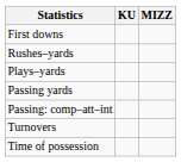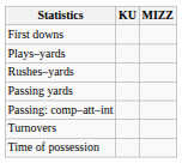 <table class="wikitable" style="float:left">
 <tr>
 <th>Statistics</th>
 <th>KU</th>
 <th>MIZZ</th>
 </tr>
 <tr>
 <td>First downs</td>
 <td></td>
 <td></td>
 </tr>
 <tr>
-<td>Rushes–yards</td>
+<td>Plays–yards</td>
 <td></td>
 <td></td>
 </tr>
 <tr>
-<td>Plays–yards</td>
+<td>Rushes–yards</td>
 <td></td>
 <td></td>
 </tr>
 <tr>
 <td>Passing yards</td>
 <td></td>
 <td></td>
 </tr>
 <tr>
 <td>Passing: comp–att–int</td>
 <td></td>
 <td></td>
 </tr>
 <tr>
 <td>Turnovers</td>
 <td></td>
 <td></td>
 </tr>
 <tr>
 <td>Time of possession</td>
 <td></td>
 <td></td>
 </tr>
 </table>
